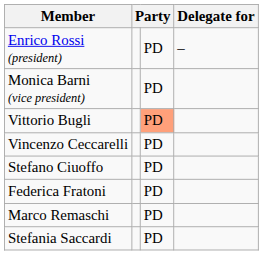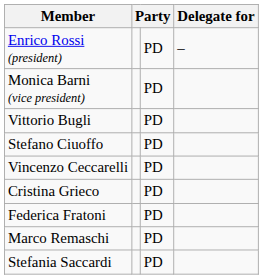 <table class="wikitable">
 <tr>
 <th>Member</th>
 <th colspan="2">Party</th>
 <th>Delegate for</th>
 </tr>
 <tr>
 <td><a href='#'>Enrico Rossi</a><br><small><em>(president)</em></small></td>
 <td style="background:"></td>
 <td>PD</td>
 <td>–</td>
 </tr>
 <tr>
 <td>Monica Barni<br><small><em>(vice president)</em></small></td>
 <td style="background:"></td>
 <td>PD</td>
 <td></td>
 </tr>
 <tr>
 <td>Vittorio Bugli</td>
 <td style="background:"></td>
-<td style="background: lightsalmon;">PD</td>
+<td>PD</td>
+<td></td>
+</tr>
+<tr>
+<td>Stefano Ciuoffo</td>
+<td style="background:"></td>
+<td>PD</td>
 <td></td>
 </tr>
 <tr>
 <td>Vincenzo Ceccarelli</td>
 <td style="background:"></td>
 <td>PD</td>
 <td></td>
 </tr>
 <tr>
-<td>Stefano Ciuoffo</td>
+<td>Cristina Grieco</td>
 <td style="background:"></td>
 <td>PD</td>
 <td></td>
 </tr>
 <tr>
 <td>Federica Fratoni</td>
 <td style="background:"></td>
 <td>PD</td>
 <td></td>
 </tr>
 <tr>
 <td>Marco Remaschi</td>
 <td style="background:"></td>
 <td>PD</td>
 <td></td>
 </tr>
 <tr>
 <td>Stefania Saccardi</td>
 <td style="background:"></td>
 <td>PD</td>
 <td></td>
 </tr>
 </table>
